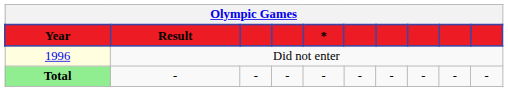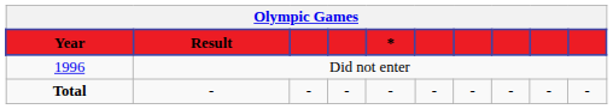 <table class="wikitable" style="text-align: center; width:50%;">
 <tr>
 <th colspan=10><a href='#'>Olympic Games</a></th>
 </tr>
 <tr>
 <th style="background:#ED1C24;border: 2px solid #3F43A4;"><span>Year</span></th>
 <th style="background:#ED1C24;border: 2px solid #3F43A4;"><span>Result</span></th>
 <th style="background:#ED1C24;border: 2px solid #3F43A4;"><span></span></th>
 <th style="background:#ED1C24;border: 2px solid #3F43A4;"><span></span></th>
 <th style="background:#ED1C24;border: 2px solid #3F43A4;"><span>*</span></th>
 <th style="background:#ED1C24;border: 2px solid #3F43A4;"><span></span></th>
 <th style="background:#ED1C24;border: 2px solid #3F43A4;"><span></span></th>
 <th style="background:#ED1C24;border: 2px solid #3F43A4;"><span></span></th>
 <th style="background:#ED1C24;border: 2px solid #3F43A4;"><span></span></th>
 <th style="background:#ED1C24;border: 2px solid #3F43A4;"><span></span></th>
 </tr>
 <tr>
-<td style="background: lightyellow;"> <a href='#'>1996</a></td>
+<td> <a href='#'>1996</a></td>
 <td colspan="9">Did not enter</td>
 </tr>
 <tr>
-<td style="background: lightgreen;"><strong>Total</strong></td>
+<td><strong>Total</strong></td>
 <td>-</td>
 <td>-</td>
 <td>-</td>
 <td>-</td>
 <td>-</td>
 <td>-</td>
 <td>-</td>
 <td>-</td>
 <td>-</td>
 </tr>
 </table>
